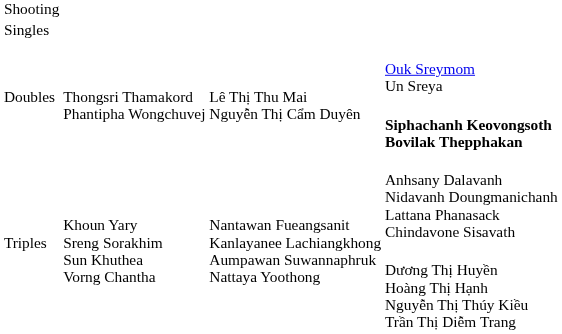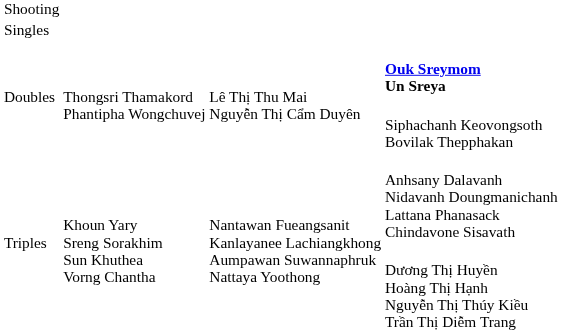 <table>
 <tr>
 <td rowspan=2>Shooting</td>
 <td rowspan=2></td>
 <td rowspan=2></td>
 <td></td>
 </tr>
 <tr>
 <td></td>
 </tr>
 <tr>
 <td rowspan=2>Singles</td>
 <td rowspan=2></td>
 <td rowspan=2></td>
 <td></td>
 </tr>
 <tr>
 <td></td>
 </tr>
 <tr>
 <td rowspan=2>Doubles</td>
 <td rowspan=2><br>Thongsri Thamakord<br>Phantipha Wongchuvej</td>
 <td rowspan=2><br>Lê Thị Thu Mai<br>Nguyễn Thị Cẩm Duyên</td>
-<td><br><a href='#'>Ouk Sreymom</a><br>Un Sreya</td>
+<td><strong><br><a href='#'>Ouk Sreymom</a><br>Un Sreya</strong></td>
 </tr>
 <tr>
-<td><strong><br>Siphachanh Keovongsoth<br>Bovilak Thepphakan</strong></td>
+<td><br>Siphachanh Keovongsoth<br>Bovilak Thepphakan</td>
 </tr>
 <tr>
 <td rowspan=2>Triples</td>
 <td rowspan=2><br>Khoun Yary<br>Sreng Sorakhim<br>Sun Khuthea<br>Vorng Chantha</td>
 <td rowspan=2><br>Nantawan Fueangsanit<br>Kanlayanee Lachiangkhong<br>Aumpawan Suwannaphruk<br>Nattaya Yoothong</td>
 <td><br>Anhsany Dalavanh<br>Nidavanh Doungmanichanh<br>Lattana Phanasack<br>Chindavone Sisavath</td>
 </tr>
 <tr>
 <td><br>Dương Thị Huyền<br>Hoàng Thị Hạnh<br>Nguyễn Thị Thúy Kiều<br>Trần Thị Diễm Trang</td>
 </tr>
 </table>
